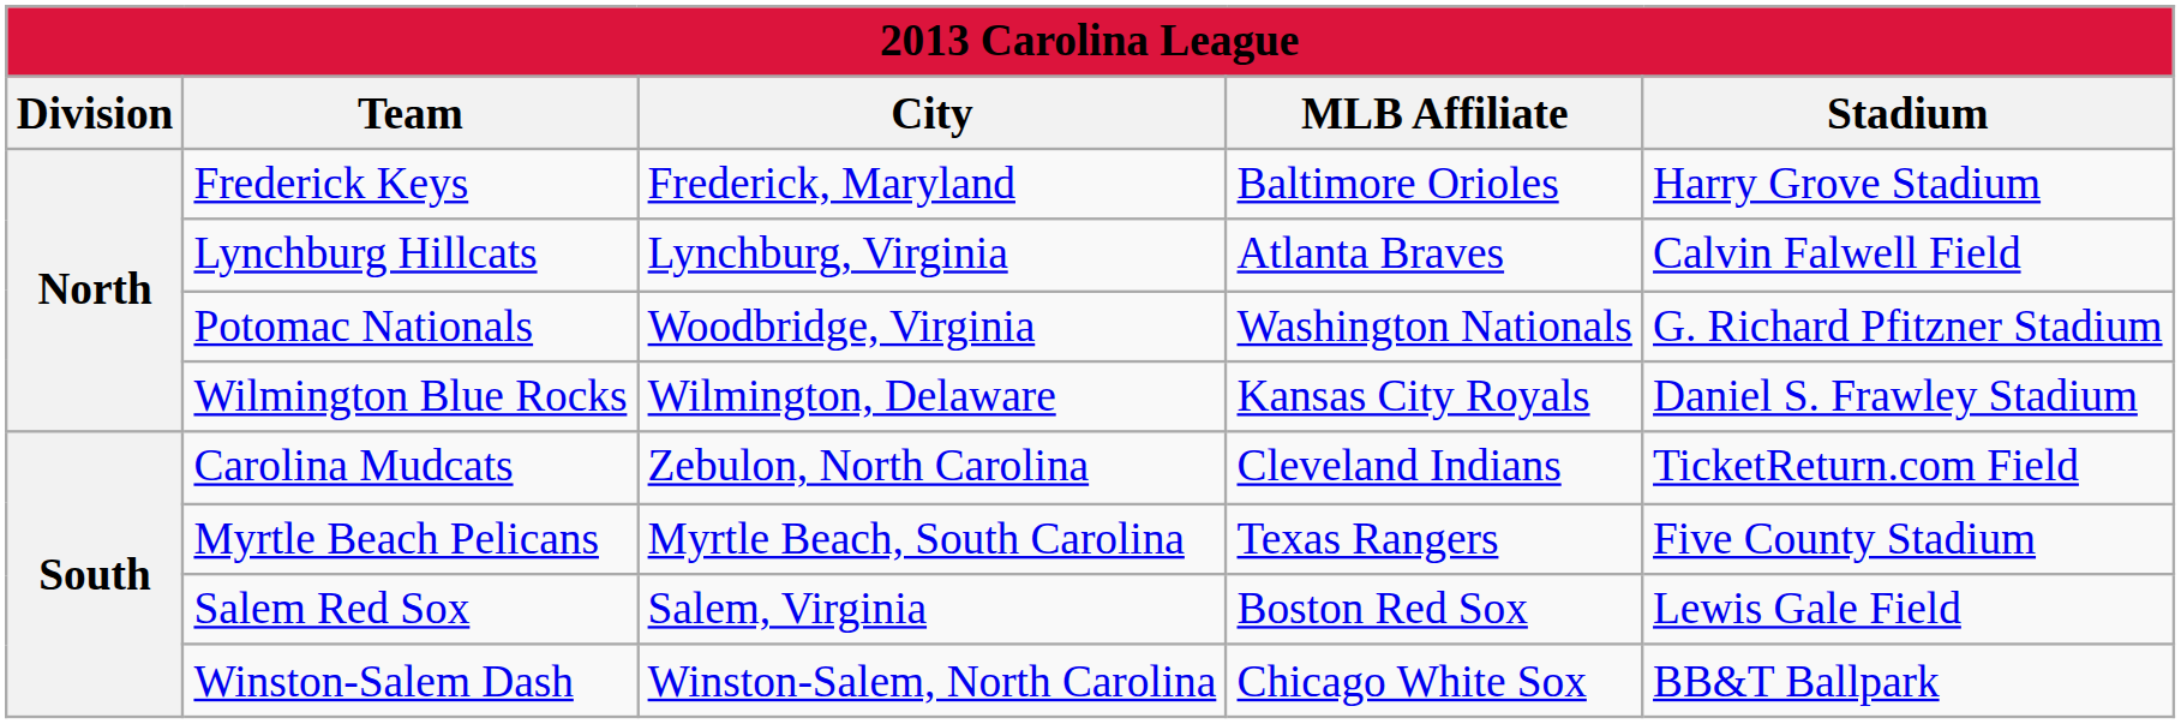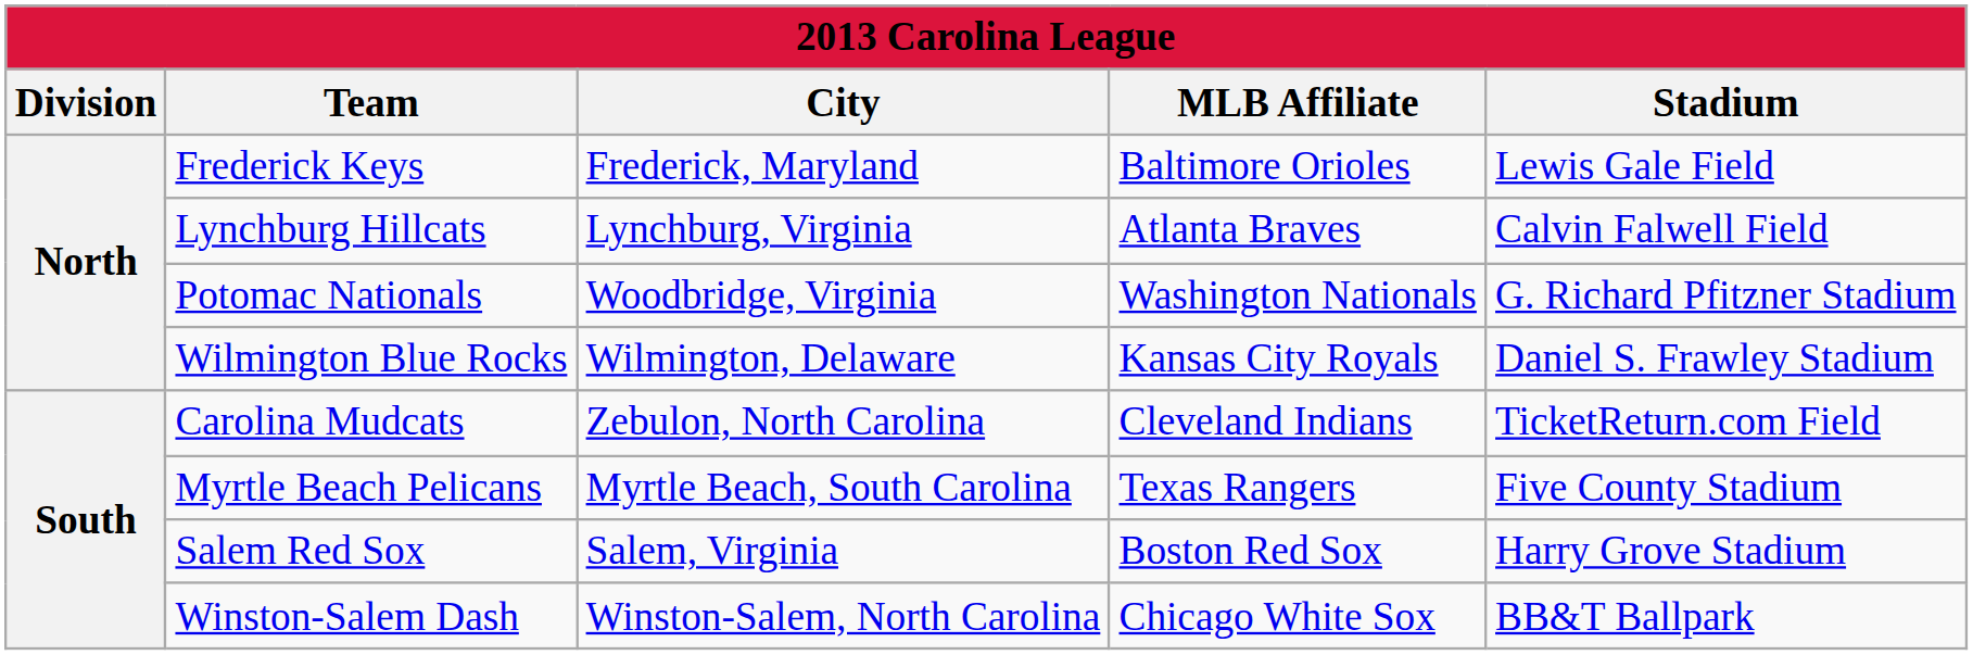 <table class="wikitable" style="width:auto">
 <tr>
 <td bgcolor="#DC143C" align="center" colspan="7"><strong><span>2013 Carolina League</span></strong></td>
 </tr>
 <tr>
 <th>Division</th>
 <th>Team</th>
 <th>City</th>
 <th>MLB Affiliate</th>
 <th>Stadium</th>
 </tr>
 <tr>
 <th rowspan="4">North</th>
 <td><a href='#'>Frederick Keys</a></td>
 <td><a href='#'>Frederick, Maryland</a></td>
 <td><a href='#'>Baltimore Orioles</a></td>
-<td><a href='#'>Harry Grove Stadium</a></td>
+<td><a href='#'>Lewis Gale Field</a></td>
 </tr>
 <tr>
 <td><a href='#'>Lynchburg Hillcats</a></td>
 <td><a href='#'>Lynchburg, Virginia</a></td>
 <td><a href='#'>Atlanta Braves</a></td>
 <td><a href='#'>Calvin Falwell Field</a></td>
 </tr>
 <tr>
 <td><a href='#'>Potomac Nationals</a></td>
 <td><a href='#'>Woodbridge, Virginia</a></td>
 <td><a href='#'>Washington Nationals</a></td>
 <td><a href='#'>G. Richard Pfitzner Stadium</a></td>
 </tr>
 <tr>
 <td><a href='#'>Wilmington Blue Rocks</a></td>
 <td><a href='#'>Wilmington, Delaware</a></td>
 <td><a href='#'>Kansas City Royals</a></td>
 <td><a href='#'>Daniel S. Frawley Stadium</a></td>
 </tr>
 <tr>
 <th rowspan="4">South</th>
 <td><a href='#'>Carolina Mudcats</a></td>
 <td><a href='#'>Zebulon, North Carolina</a></td>
 <td><a href='#'>Cleveland Indians</a></td>
 <td><a href='#'>TicketReturn.com Field</a></td>
 </tr>
 <tr>
 <td><a href='#'>Myrtle Beach Pelicans</a></td>
 <td><a href='#'>Myrtle Beach, South Carolina</a></td>
 <td><a href='#'>Texas Rangers</a></td>
 <td><a href='#'>Five County Stadium</a></td>
 </tr>
 <tr>
 <td><a href='#'>Salem Red Sox</a></td>
 <td><a href='#'>Salem, Virginia</a></td>
 <td><a href='#'>Boston Red Sox</a></td>
-<td><a href='#'>Lewis Gale Field</a></td>
+<td><a href='#'>Harry Grove Stadium</a></td>
 </tr>
 <tr>
 <td><a href='#'>Winston-Salem Dash</a></td>
 <td><a href='#'>Winston-Salem, North Carolina</a></td>
 <td><a href='#'>Chicago White Sox</a></td>
 <td><a href='#'>BB&T Ballpark</a></td>
 </tr>
 </table>
